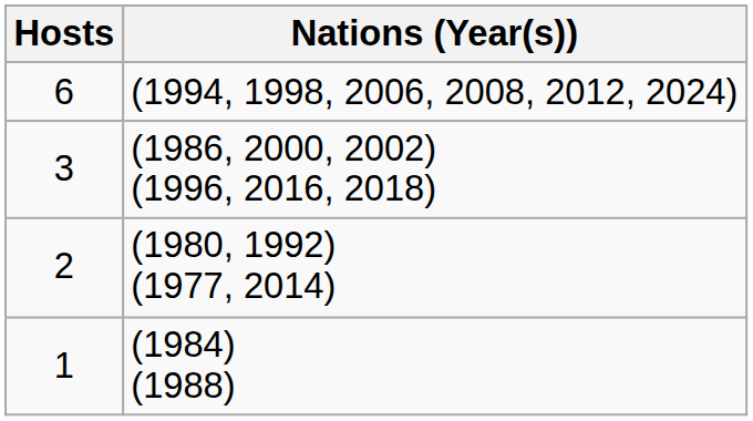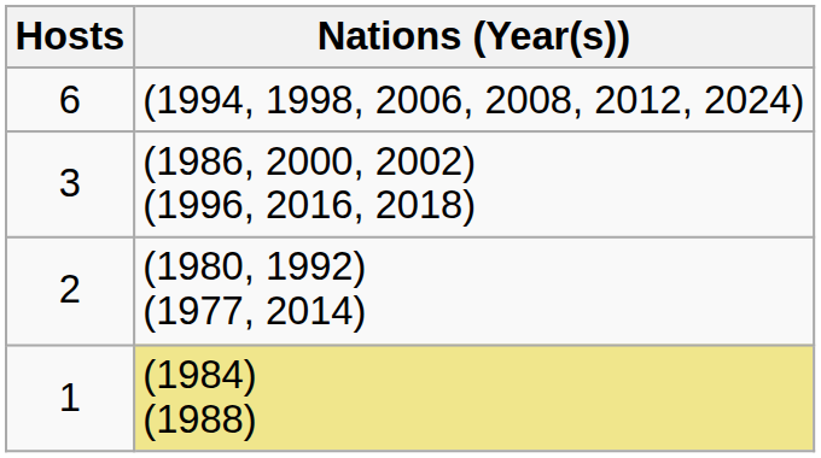 <table class="wikitable">
 <tr>
 <th>Hosts</th>
 <th>Nations (Year(s))</th>
 </tr>
 <tr>
 <td align=center>6</td>
 <td> (1994, 1998, 2006, 2008, 2012, 2024)</td>
 </tr>
 <tr>
 <td align=center>3</td>
 <td> (1986, 2000, 2002) <br>  (1996, 2016, 2018)</td>
 </tr>
 <tr>
 <td align=center>2</td>
 <td> (1980, 1992) <br>  (1977, 2014)</td>
 </tr>
 <tr>
 <td align=center>1</td>
-<td> (1984) <br>  (1988)</td>
+<td style="background: khaki;"> (1984) <br>  (1988)</td>
 </tr>
 </table>
